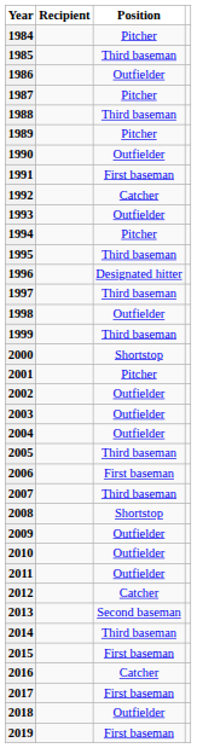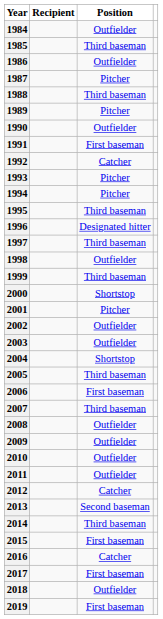 <table class="wikitable sortable plainrowheaders" style="text-align:center">
 <tr>
 <th scope="col" style="background-color:#ffffff; border-top:#">Year</th>
 <th scope="col" style="background-color:#ffffff; border-top:#">Recipient</th>
 <th scope="col" style="background-color:#ffffff; border-top:#">Position</th>
 <th scope="col" class="unsortable" style="background-color:#ffffff; border-top:#"></th>
 </tr>
 <tr>
 <th scope="row" style="text-align:center">1984</th>
 <td></td>
-<td><a href='#'>Pitcher</a></td>
+<td><a href='#'>Outfielder</a></td>
 <td></td>
 </tr>
 <tr>
 <th scope="row" style="text-align:center">1985</th>
 <td></td>
 <td><a href='#'>Third baseman</a></td>
 <td></td>
 </tr>
 <tr>
 <th scope="row" style="text-align:center">1986</th>
 <td></td>
 <td><a href='#'>Outfielder</a></td>
 <td></td>
 </tr>
 <tr>
 <th scope="row" style="text-align:center">1987</th>
 <td></td>
 <td><a href='#'>Pitcher</a></td>
 <td></td>
 </tr>
 <tr>
 <th scope="row" style="text-align:center">1988</th>
 <td></td>
 <td><a href='#'>Third baseman</a></td>
 <td></td>
 </tr>
 <tr>
 <th scope="row" style="text-align:center">1989</th>
 <td></td>
 <td><a href='#'>Pitcher</a></td>
 <td></td>
 </tr>
 <tr>
 <th scope="row" style="text-align:center">1990</th>
 <td></td>
 <td><a href='#'>Outfielder</a></td>
 <td></td>
 </tr>
 <tr>
 <th scope="row" style="text-align:center">1991</th>
 <td></td>
 <td><a href='#'>First baseman</a></td>
 <td></td>
 </tr>
 <tr>
 <th scope="row" style="text-align:center">1992</th>
 <td></td>
 <td><a href='#'>Catcher</a></td>
 <td></td>
 </tr>
 <tr>
 <th scope="row" style="text-align:center">1993</th>
 <td></td>
-<td><a href='#'>Outfielder</a></td>
+<td><a href='#'>Pitcher</a></td>
 <td></td>
 </tr>
 <tr>
 <th scope="row" style="text-align:center">1994</th>
 <td></td>
 <td><a href='#'>Pitcher</a></td>
 <td></td>
 </tr>
 <tr>
 <th scope="row" style="text-align:center">1995</th>
 <td> </td>
 <td><a href='#'>Third baseman</a></td>
 <td></td>
 </tr>
 <tr>
 <th scope="row" style="text-align:center">1996</th>
 <td></td>
 <td><a href='#'>Designated hitter</a></td>
 <td></td>
 </tr>
 <tr>
 <th scope="row" style="text-align:center">1997</th>
 <td> </td>
 <td><a href='#'>Third baseman</a></td>
 <td></td>
 </tr>
 <tr>
 <th scope="row" style="text-align:center">1998</th>
 <td></td>
 <td><a href='#'>Outfielder</a></td>
 <td></td>
 </tr>
 <tr>
 <th scope="row" style="text-align:center">1999</th>
 <td></td>
 <td><a href='#'>Third baseman</a></td>
 <td></td>
 </tr>
 <tr>
 <th scope="row" style="text-align:center">2000</th>
 <td></td>
 <td><a href='#'>Shortstop</a></td>
 <td></td>
 </tr>
 <tr>
 <th scope="row" style="text-align:center">2001</th>
 <td></td>
 <td><a href='#'>Pitcher</a></td>
 <td></td>
 </tr>
 <tr>
 <th scope="row" style="text-align:center">2002</th>
 <td></td>
 <td><a href='#'>Outfielder</a></td>
 <td></td>
 </tr>
 <tr>
 <th scope="row" style="text-align:center">2003</th>
 <td></td>
 <td><a href='#'>Outfielder</a></td>
 <td></td>
 </tr>
 <tr>
 <th scope="row" style="text-align:center">2004</th>
 <td></td>
-<td><a href='#'>Outfielder</a></td>
+<td><a href='#'>Shortstop</a></td>
 <td></td>
 </tr>
 <tr>
 <th scope="row" style="text-align:center">2005</th>
 <td></td>
 <td><a href='#'>Third baseman</a></td>
 <td></td>
 </tr>
 <tr>
 <th scope="row" style="text-align:center">2006</th>
 <td></td>
 <td><a href='#'>First baseman</a></td>
 <td></td>
 </tr>
 <tr>
 <th scope="row" style="text-align:center">2007</th>
 <td></td>
 <td><a href='#'>Third baseman</a></td>
 <td></td>
 </tr>
 <tr>
 <th scope="row" style="text-align:center">2008</th>
 <td></td>
-<td><a href='#'>Shortstop</a></td>
+<td><a href='#'>Outfielder</a></td>
 <td></td>
 </tr>
 <tr>
 <th scope="row" style="text-align:center">2009</th>
 <td></td>
 <td><a href='#'>Outfielder</a></td>
 <td></td>
 </tr>
 <tr>
 <th scope="row" style="text-align:center">2010</th>
 <td></td>
 <td><a href='#'>Outfielder</a></td>
 <td></td>
 </tr>
 <tr>
 <th scope="row" style="text-align:center">2011</th>
 <td></td>
 <td><a href='#'>Outfielder</a></td>
 <td></td>
 </tr>
 <tr>
 <th scope="row" style="text-align:center">2012</th>
 <td></td>
 <td><a href='#'>Catcher</a></td>
 <td></td>
 </tr>
 <tr>
 <th scope="row" style="text-align:center">2013</th>
 <td></td>
 <td><a href='#'>Second baseman</a></td>
 <td></td>
 </tr>
 <tr>
 <th scope="row" style="text-align:center">2014</th>
 <td></td>
 <td><a href='#'>Third baseman</a></td>
 <td></td>
 </tr>
 <tr>
 <th scope="row" style="text-align:center">2015</th>
 <td></td>
 <td><a href='#'>First baseman</a></td>
 <td></td>
 </tr>
 <tr>
 <th scope="row" style="text-align:center">2016</th>
 <td></td>
 <td><a href='#'>Catcher</a></td>
 <td></td>
 </tr>
 <tr>
 <th scope="row" style="text-align:center">2017</th>
 <td></td>
 <td><a href='#'>First baseman</a></td>
 <td></td>
 </tr>
 <tr>
 <th scope="row" style="text-align:center">2018</th>
 <td></td>
 <td><a href='#'>Outfielder</a></td>
 <td></td>
 </tr>
 <tr>
 <th scope="row" style="text-align:center">2019</th>
 <td></td>
 <td><a href='#'>First baseman</a></td>
 <td></td>
 </tr>
 </table>
